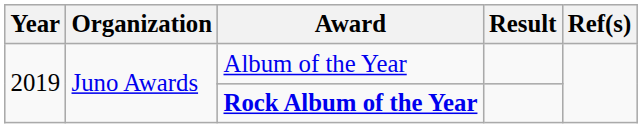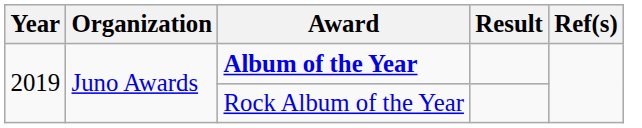 <table class="wikitable plainrowheaders">
 <tr align=center>
 <th scope="col">Year</th>
 <th scope="col">Organization</th>
 <th scope="col">Award</th>
 <th scope="col">Result</th>
 <th scope="col">Ref(s)</th>
 </tr>
 <tr>
 <td rowspan="2">2019</td>
 <td rowspan="2"><a href='#'>Juno Awards</a></td>
-<td><a href='#'>Album of the Year</a></td>
+<td><strong><a href='#'>Album of the Year</a></strong></td>
 <td></td>
 <td style="text-align:center;" rowspan="2"></td>
 </tr>
 <tr>
-<td><strong><a href='#'>Rock Album of the Year</a></strong></td>
+<td><a href='#'>Rock Album of the Year</a></td>
 <td></td>
 </tr>
 </table>
